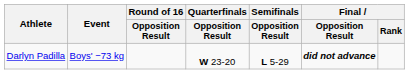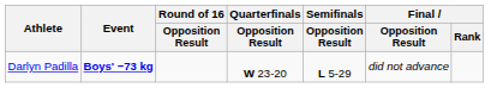 <table class="wikitable" style="font-size:90%;">
 <tr>
 <th rowspan=2>Athlete</th>
 <th rowspan=2>Event</th>
 <th>Round of 16</th>
 <th>Quarterfinals</th>
 <th>Semifinals</th>
 <th colspan=2>Final / </th>
 </tr>
 <tr style="font-size:95%">
 <th>Opposition<br>Result</th>
 <th>Opposition<br>Result</th>
 <th>Opposition<br>Result</th>
 <th>Opposition<br>Result</th>
 <th>Rank</th>
 </tr>
 <tr align=center>
 <td align=left><a href='#'>Darlyn Padilla</a></td>
-<td align=left><a href='#'>Boys' −73 kg</a></td>
+<td align=left><strong><a href='#'>Boys' −73 kg</a></strong></td>
 <td></td>
 <td><br> <strong>W</strong> 23-20</td>
 <td><br> <strong>L</strong> 5-29</td>
-<td><strong><em>did not advance</em></strong></td>
+<td><em>did not advance</em></td>
 <td></td>
 </tr>
 </table>
